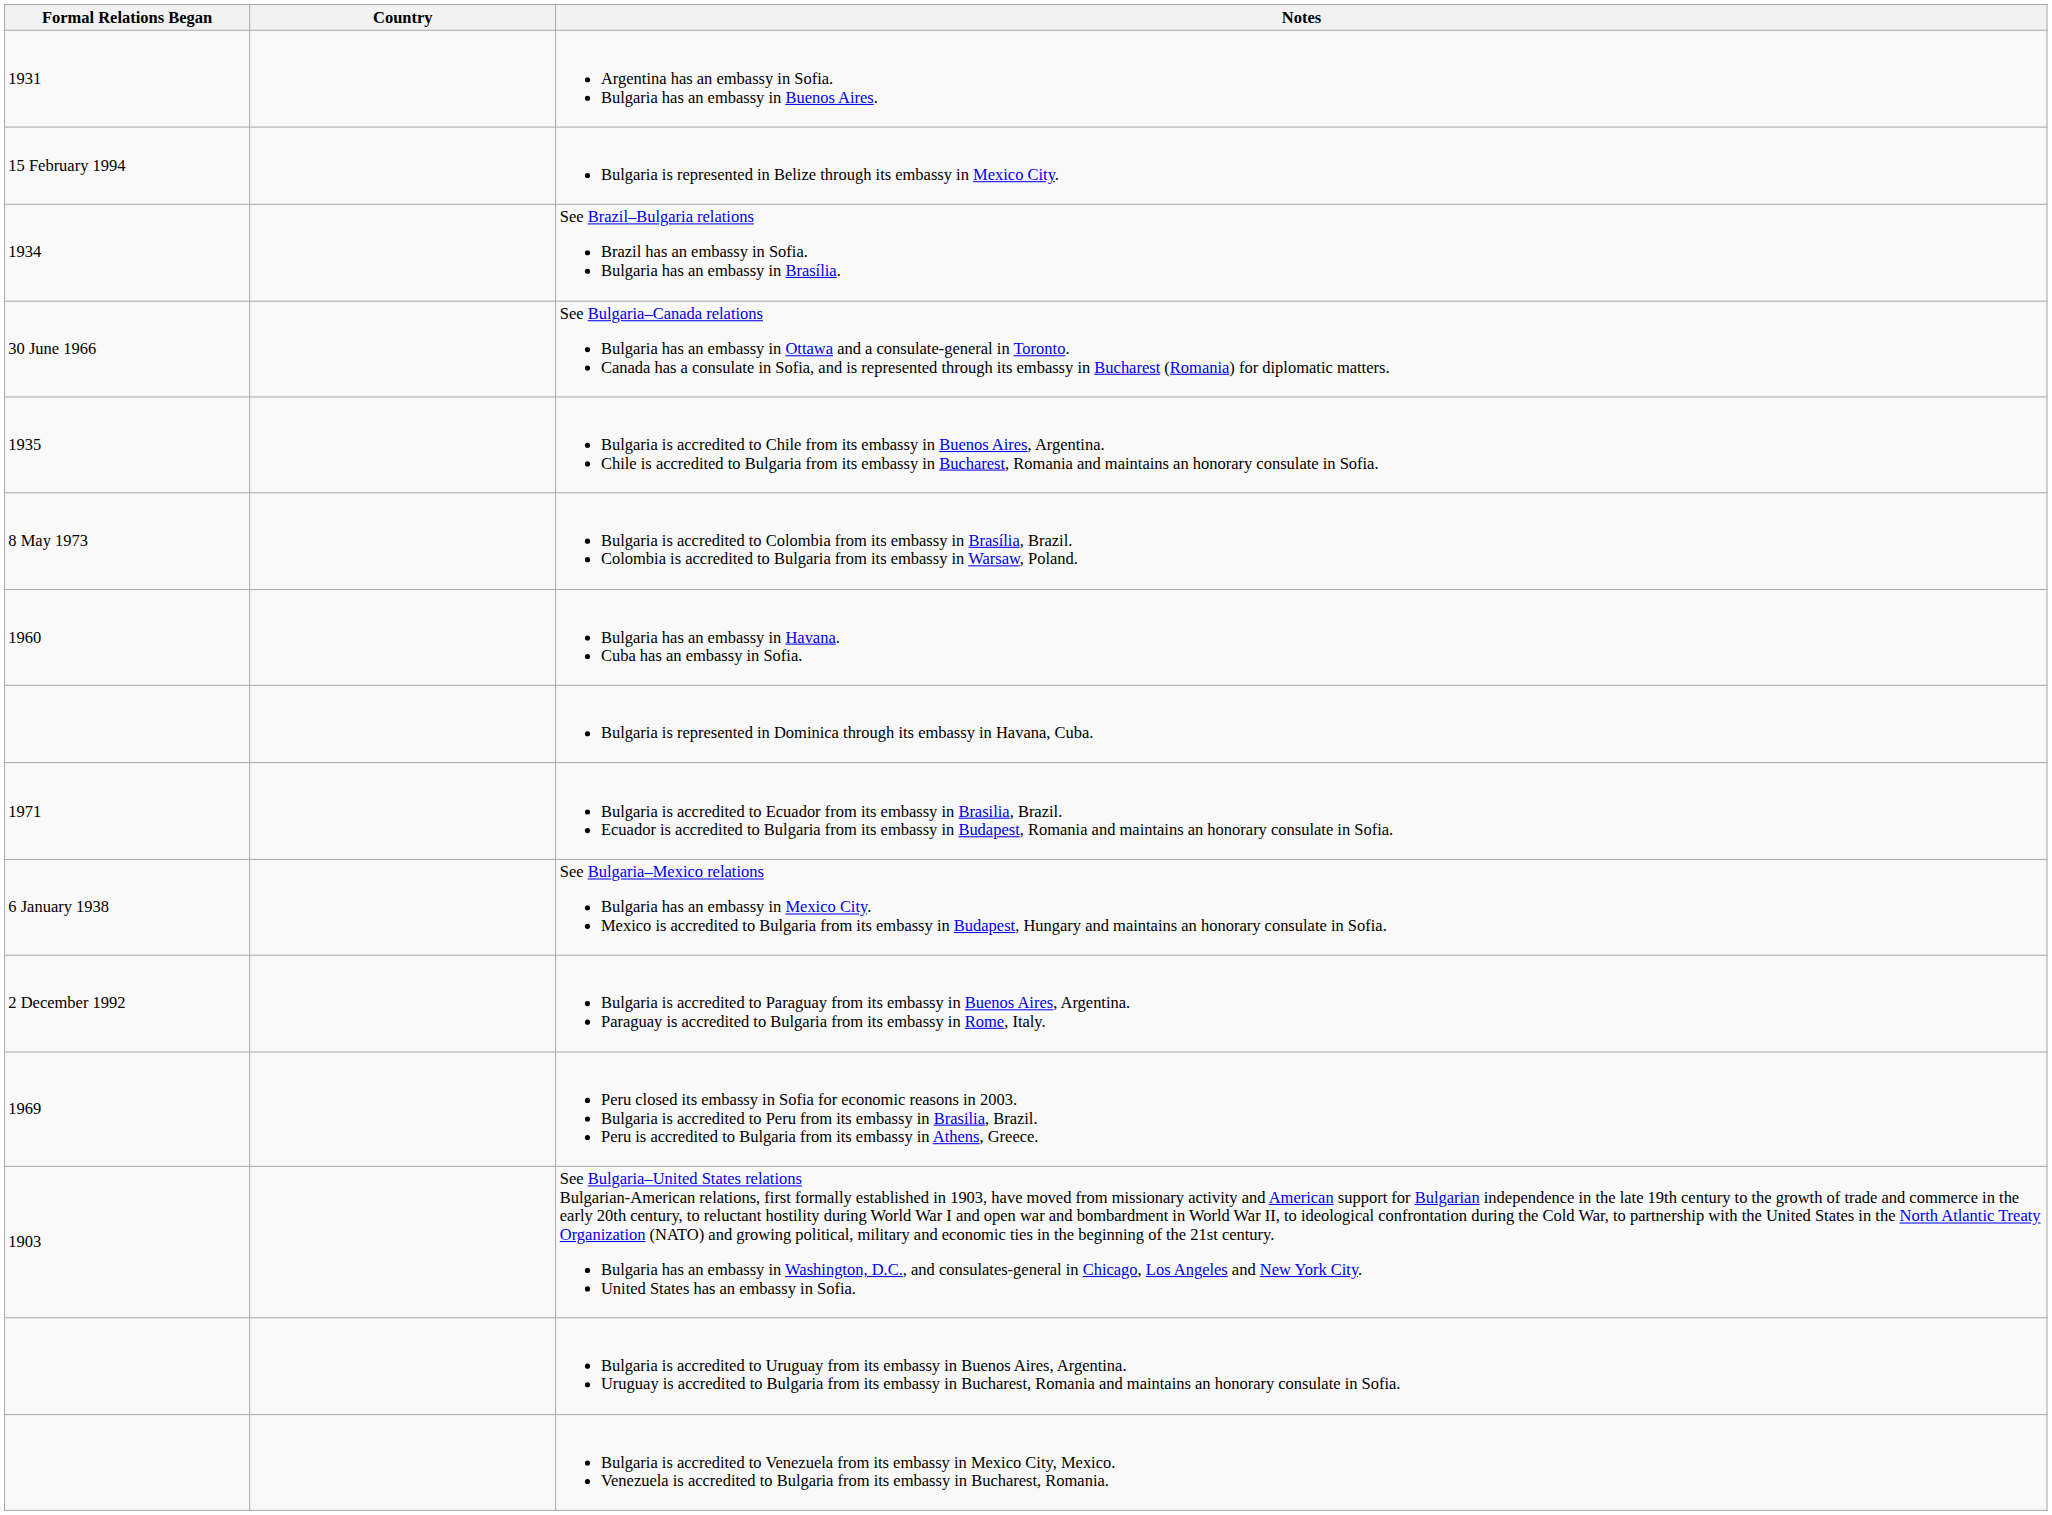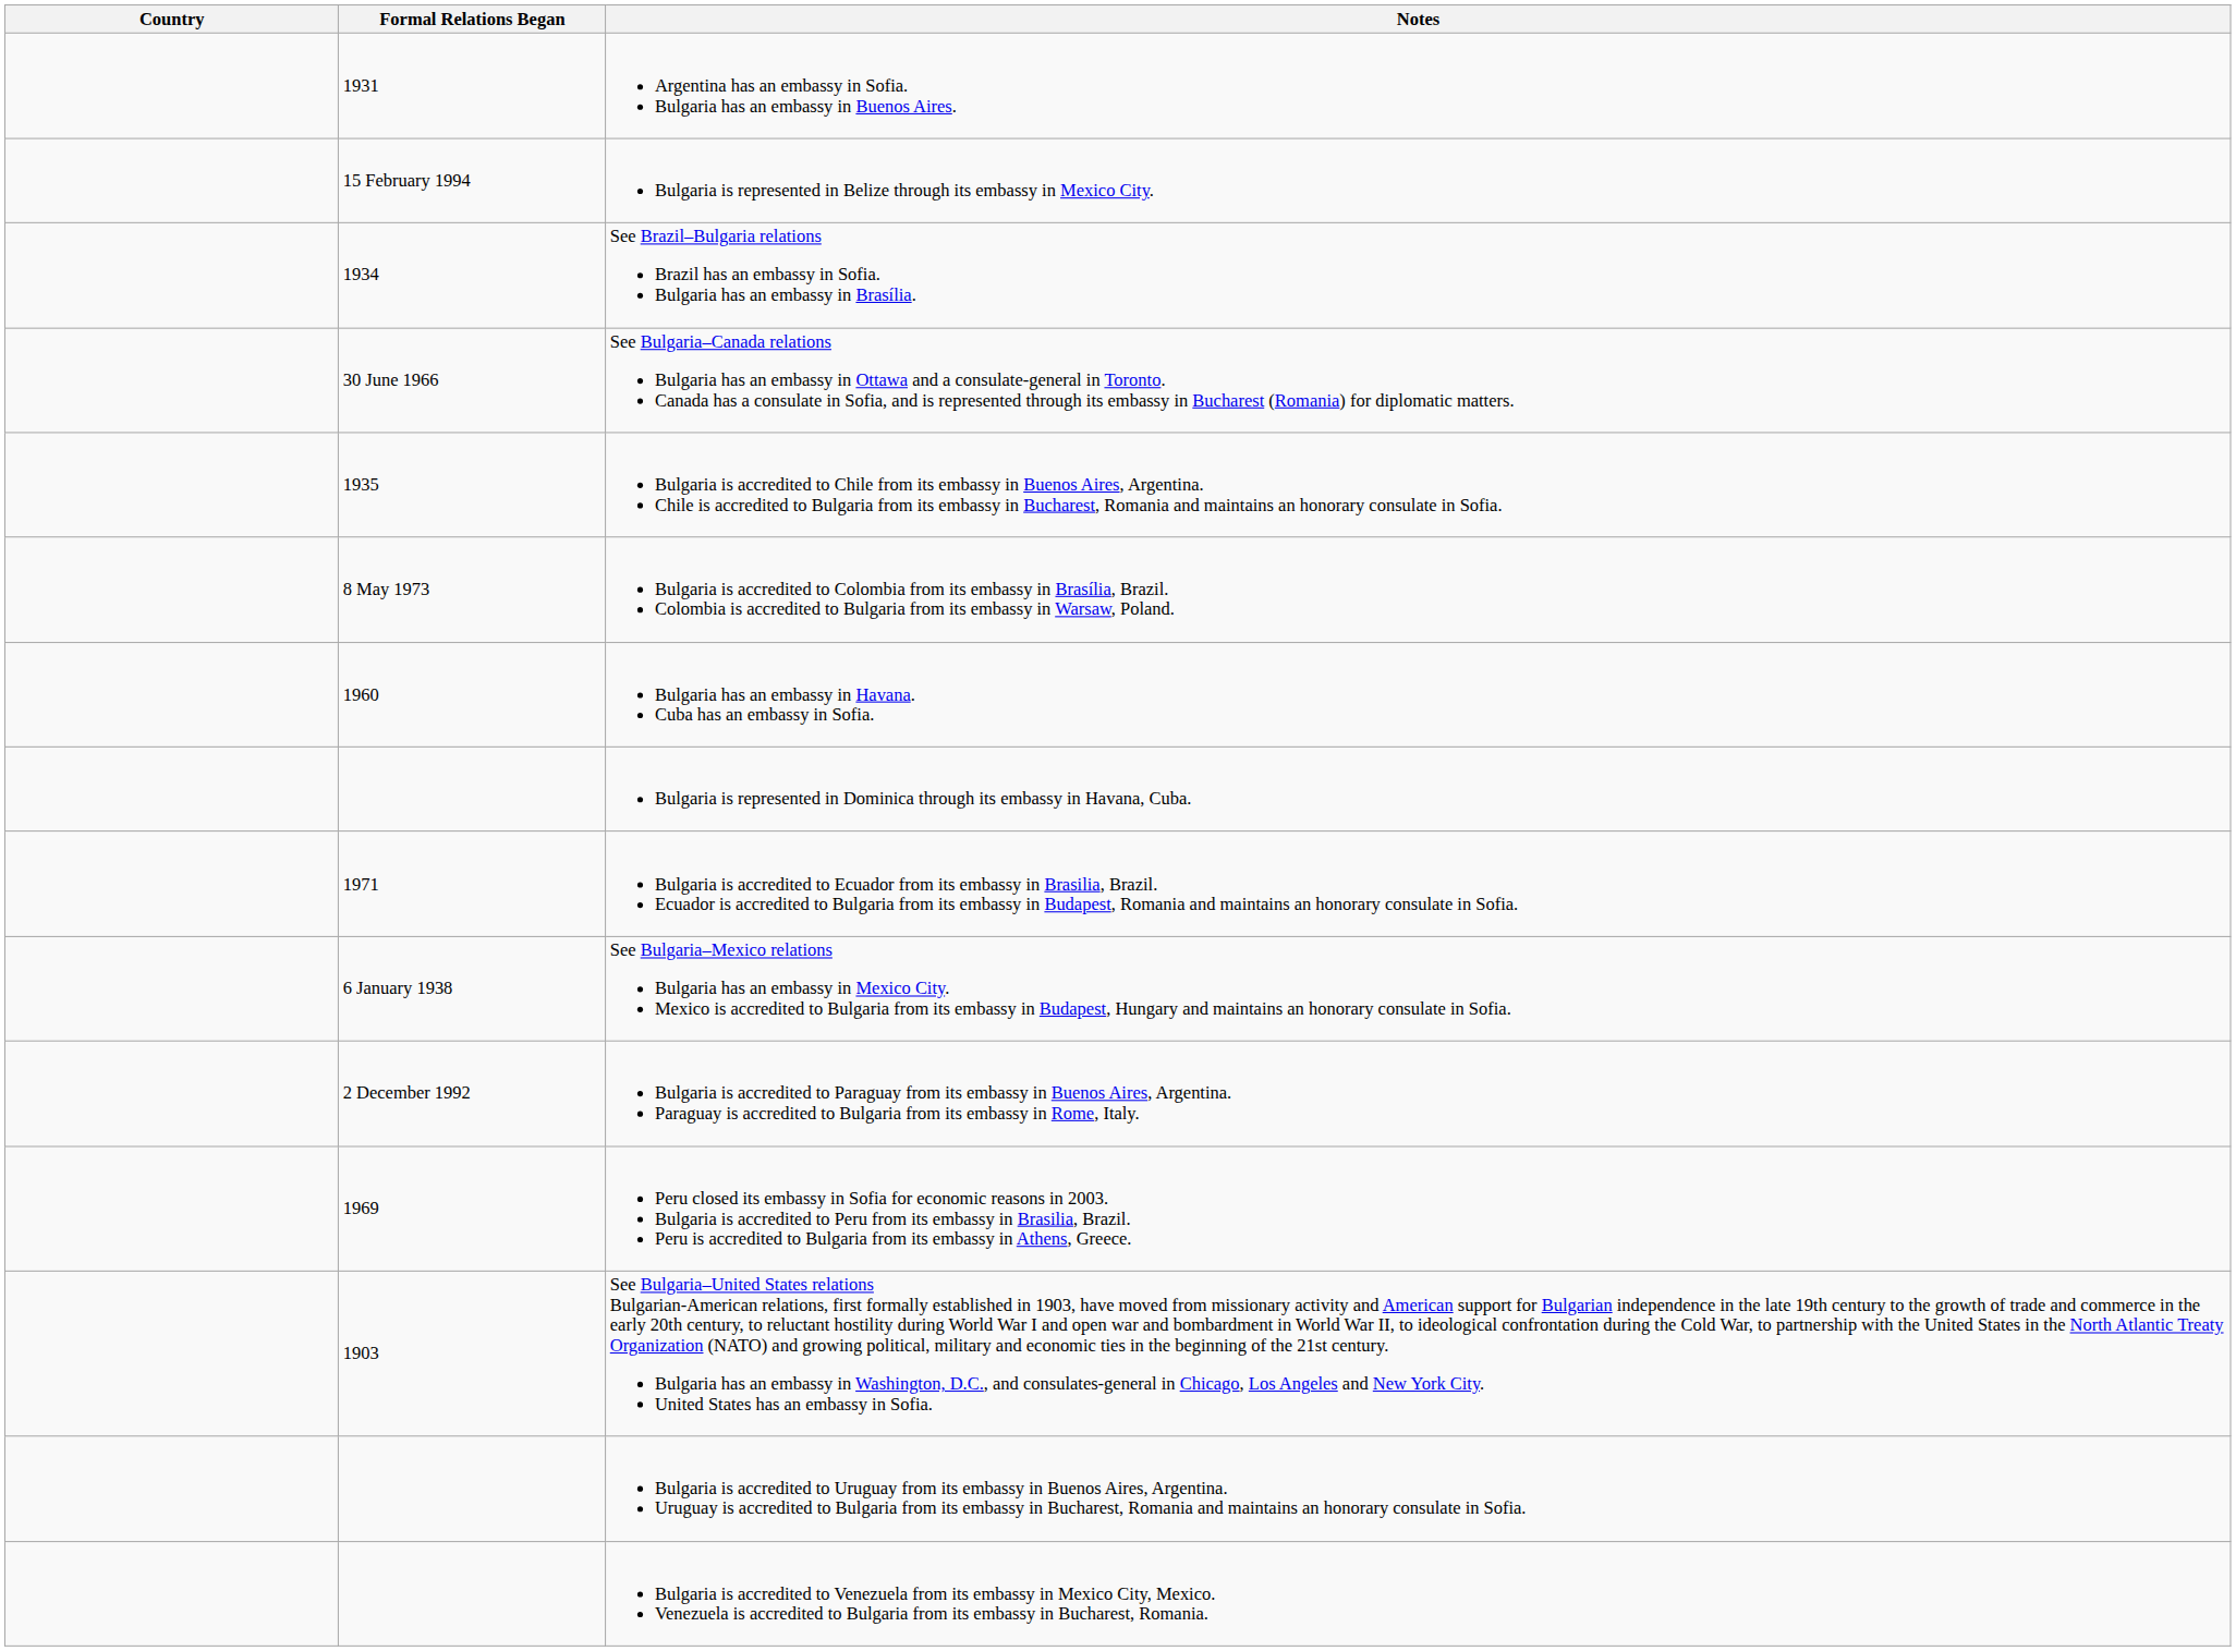 <table class="wikitable sortable" border="1" style="width:100%; margin:auto;">
 <tr>
+<th width="15%">Country</th>
 <th width="12%">Formal Relations Began</th>
-<th width="15%">Country</th>
 <th>Notes</th>
 </tr>
 <tr -valign="top">
+<td></td>
 <td>1931</td>
-<td></td>
 <td><br><ul><li>Argentina has an embassy in Sofia.</li><li>Bulgaria has an embassy in <a href='#'>Buenos Aires</a>.</li></ul></td>
 </tr>
 <tr -valign="top">
+<td></td>
 <td>15 February 1994</td>
-<td></td>
 <td><br><ul><li>Bulgaria is represented in Belize through its embassy in <a href='#'>Mexico City</a>.</li></ul></td>
 </tr>
 <tr -valign="top">
+<td></td>
 <td>1934</td>
-<td></td>
 <td>See <a href='#'>Brazil–Bulgaria relations</a><br><ul><li>Brazil has an embassy in Sofia.</li><li>Bulgaria has an embassy in <a href='#'>Brasília</a>.</li></ul></td>
 </tr>
 <tr -valign="top">
+<td></td>
 <td>30 June 1966</td>
-<td></td>
 <td>See <a href='#'>Bulgaria–Canada relations</a><br><ul><li>Bulgaria has an embassy in <a href='#'>Ottawa</a> and a consulate-general in <a href='#'>Toronto</a>.</li><li>Canada has a consulate in Sofia, and is represented through its embassy in <a href='#'>Bucharest</a> (<a href='#'>Romania</a>) for diplomatic matters.</li></ul></td>
 </tr>
 <tr -valign="top">
+<td></td>
 <td>1935</td>
-<td></td>
 <td><br><ul><li>Bulgaria is accredited to Chile from its embassy in <a href='#'>Buenos Aires</a>, Argentina.</li><li>Chile is accredited to Bulgaria from its embassy in <a href='#'>Bucharest</a>, Romania and maintains an honorary consulate in Sofia.</li></ul></td>
 </tr>
 <tr -valign="top">
+<td></td>
 <td>8 May 1973</td>
-<td></td>
 <td><br><ul><li>Bulgaria is accredited to Colombia from its embassy in <a href='#'>Brasília</a>, Brazil.</li><li>Colombia is accredited to Bulgaria from its embassy in <a href='#'>Warsaw</a>, Poland.</li></ul></td>
 </tr>
 <tr -valign="top">
+<td></td>
 <td>1960</td>
-<td></td>
 <td><br><ul><li>Bulgaria has an embassy in <a href='#'>Havana</a>.</li><li>Cuba has an embassy in Sofia.</li></ul></td>
 </tr>
 <tr -valign="top">
 <td></td>
 <td></td>
 <td><br><ul><li>Bulgaria is represented in Dominica through its embassy in Havana, Cuba.</li></ul></td>
 </tr>
 <tr -valign="top">
+<td></td>
 <td>1971</td>
-<td></td>
 <td><br><ul><li>Bulgaria is accredited to Ecuador from its embassy in <a href='#'>Brasilia</a>, Brazil.</li><li>Ecuador is accredited to Bulgaria from its embassy in <a href='#'>Budapest</a>, Romania and maintains an honorary consulate in Sofia.</li></ul></td>
 </tr>
 <tr -valign="top">
+<td></td>
 <td>6 January 1938</td>
-<td></td>
 <td>See <a href='#'>Bulgaria–Mexico relations</a><br><ul><li>Bulgaria has an embassy in <a href='#'>Mexico City</a>.</li><li>Mexico is accredited to Bulgaria from its embassy in <a href='#'>Budapest</a>, Hungary and maintains an honorary consulate in Sofia.</li></ul></td>
 </tr>
 <tr -valign="top">
+<td></td>
 <td>2 December 1992</td>
-<td></td>
 <td><br><ul><li>Bulgaria is accredited to Paraguay from its embassy in <a href='#'>Buenos Aires</a>, Argentina.</li><li>Paraguay is accredited to Bulgaria from its embassy in <a href='#'>Rome</a>, Italy.</li></ul></td>
 </tr>
 <tr -valign="top">
+<td></td>
 <td>1969</td>
-<td></td>
 <td><br><ul><li>Peru closed its embassy in Sofia for economic reasons in 2003.</li><li>Bulgaria is accredited to Peru from its embassy in <a href='#'>Brasilia</a>, Brazil.</li><li>Peru is accredited to Bulgaria from its embassy in <a href='#'>Athens</a>, Greece.</li></ul></td>
 </tr>
 <tr -valign="top">
+<td></td>
 <td>1903</td>
-<td></td>
 <td>See <a href='#'>Bulgaria–United States relations</a><br>Bulgarian-American relations, first formally established in 1903, have moved from missionary activity and <a href='#'>American</a> support for <a href='#'>Bulgarian</a> independence in the late 19th century to the growth of trade and commerce in the early 20th century, to reluctant hostility during World War I and open war and bombardment in World War II, to ideological confrontation during the Cold War, to partnership with the United States in the <a href='#'>North Atlantic Treaty Organization</a> (NATO) and growing political, military and economic ties in the beginning of the 21st century.<ul><li>Bulgaria has an embassy in <a href='#'>Washington, D.C.</a>, and consulates-general in <a href='#'>Chicago</a>, <a href='#'>Los Angeles</a> and <a href='#'>New York City</a>.</li><li>United States has an embassy in Sofia.</li></ul></td>
 </tr>
 <tr -valign="top">
 <td></td>
 <td></td>
 <td><br><ul><li>Bulgaria is accredited to Uruguay from its embassy in Buenos Aires, Argentina.</li><li>Uruguay is accredited to Bulgaria from its embassy in Bucharest, Romania and maintains an honorary consulate in Sofia.</li></ul></td>
 </tr>
 <tr -valign="top">
 <td></td>
 <td></td>
 <td><br><ul><li>Bulgaria is accredited to Venezuela from its embassy in Mexico City, Mexico.</li><li>Venezuela is accredited to Bulgaria from its embassy in Bucharest, Romania.</li></ul></td>
 </tr>
 </table>
